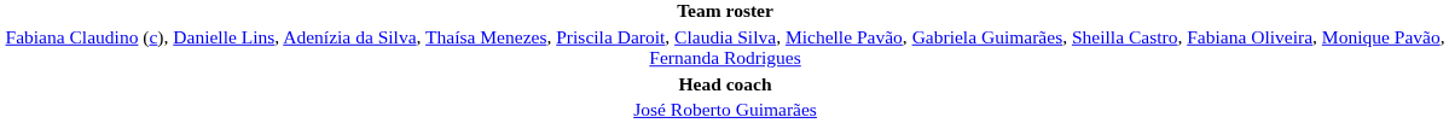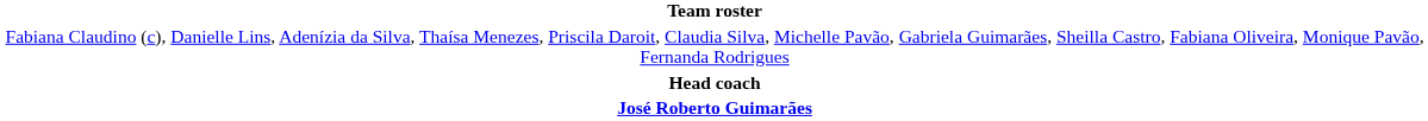 <table style="text-align:center;margin-top:2em;margin-left:auto;margin-right:auto">
 <tr>
 <td><strong>Team roster</strong></td>
 </tr>
 <tr>
 <td><a href='#'>Fabiana Claudino</a> (<a href='#'>c</a>), <a href='#'>Danielle Lins</a>, <a href='#'>Adenízia da Silva</a>, <a href='#'>Thaísa Menezes</a>, <a href='#'>Priscila Daroit</a>, <a href='#'>Claudia Silva</a>, <a href='#'>Michelle Pavão</a>, <a href='#'>Gabriela Guimarães</a>, <a href='#'>Sheilla Castro</a>, <a href='#'>Fabiana Oliveira</a>, <a href='#'>Monique Pavão</a>, <a href='#'>Fernanda Rodrigues</a></td>
 </tr>
 <tr>
 <td><strong>Head coach</strong></td>
 </tr>
 <tr>
-<td><a href='#'>José Roberto Guimarães</a></td>
+<td><strong><a href='#'>José Roberto Guimarães</a></strong></td>
 </tr>
 </table>
